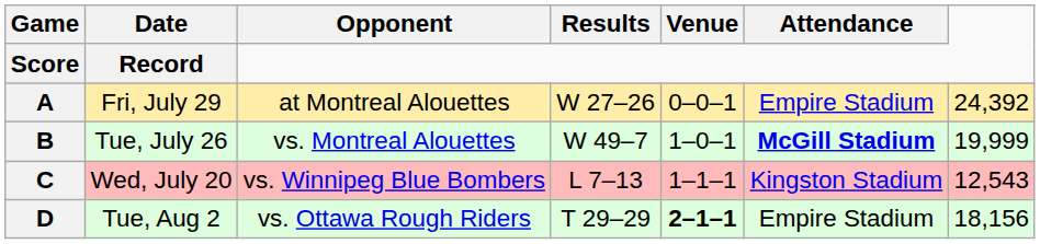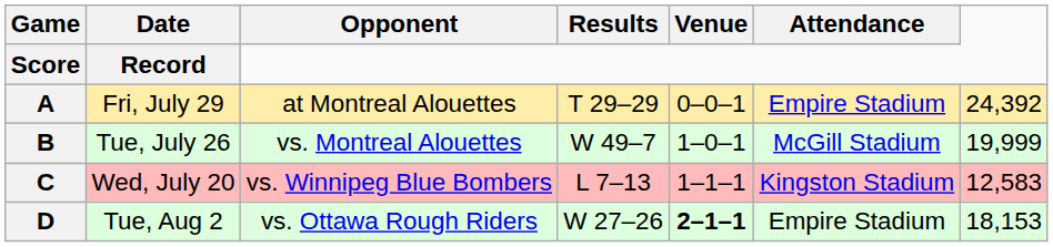 <table class="wikitable" style="text-align:center">
 <tr>
 <th>Game</th>
 <th>Date</th>
 <th>Opponent</th>
 <th>Results</th>
 <th>Venue</th>
 <th>Attendance</th>
 </tr>
 <tr>
 <th>Score</th>
 <th>Record</th>
 </tr>
 <tr style="background:#ffeeaa">
 <th>A</th>
 <td>Fri, July 29</td>
 <td>at Montreal Alouettes</td>
-<td>W 27–26</td>
+<td>T 29–29</td>
 <td>0–0–1</td>
 <td><a href='#'>Empire Stadium</a></td>
 <td>24,392</td>
 </tr>
 <tr style="background:#ddffdd">
 <th>B</th>
 <td>Tue, July 26</td>
 <td>vs. <a href='#'>Montreal Alouettes</a></td>
 <td>W 49–7</td>
 <td>1–0–1</td>
-<td><strong><a href='#'>McGill Stadium</a></strong></td>
+<td><a href='#'>McGill Stadium</a></td>
 <td>19,999</td>
 </tr>
 <tr style="background:#ffbbbb">
 <th>C</th>
 <td>Wed, July 20</td>
 <td>vs. <a href='#'>Winnipeg Blue Bombers</a></td>
 <td>L 7–13</td>
 <td>1–1–1</td>
 <td><a href='#'>Kingston Stadium</a></td>
-<td>12,543</td>
+<td>12,583</td>
 </tr>
 <tr style="background:#ddffdd">
 <th>D</th>
 <td>Tue, Aug 2</td>
 <td>vs. <a href='#'>Ottawa Rough Riders</a></td>
-<td>T 29–29</td>
+<td>W 27–26</td>
 <td><strong>2–1–1</strong></td>
 <td>Empire Stadium</td>
-<td>18,156</td>
+<td>18,153</td>
 </tr>
 </table>
